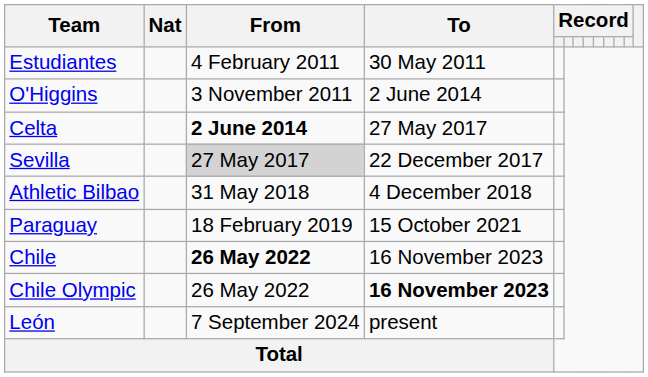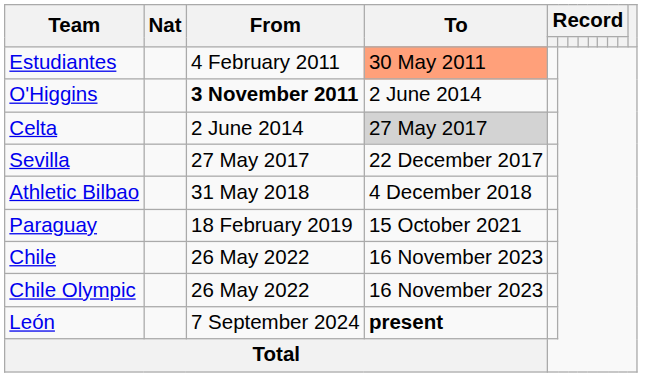 <table class="wikitable" style="text-align: center">
 <tr>
 <th rowspan="2">Team</th>
 <th rowspan="2">Nat</th>
 <th rowspan="2">From</th>
 <th rowspan="2">To</th>
 <th colspan="8">Record</th>
 <th rowspan=2></th>
 </tr>
 <tr>
 <th></th>
 <th></th>
 <th></th>
 <th></th>
 <th></th>
 <th></th>
 <th></th>
 <th></th>
 </tr>
 <tr>
 <td align=left><a href='#'>Estudiantes</a></td>
 <td></td>
 <td align=left>4 February 2011</td>
-<td align=left>30 May 2011<br></td>
+<td align=left style="background: lightsalmon;">30 May 2011<br></td>
 <td></td>
 </tr>
 <tr>
 <td align=left><a href='#'>O'Higgins</a></td>
 <td></td>
-<td align=left>3 November 2011</td>
+<td align=left><strong>3 November 2011</strong></td>
 <td align=left>2 June 2014<br></td>
 <td></td>
 </tr>
 <tr>
 <td align=left><a href='#'>Celta</a></td>
 <td></td>
-<td align=left><strong>2 June 2014</strong></td>
-<td align=left>27 May 2017<br></td>
+<td align=left>2 June 2014</td>
+<td align=left style="background: lightgrey;">27 May 2017<br></td>
 <td></td>
 </tr>
 <tr>
 <td align=left><a href='#'>Sevilla</a></td>
 <td></td>
-<td align=left style="background: lightgrey;">27 May 2017</td>
+<td align=left>27 May 2017</td>
 <td align=left>22 December 2017<br></td>
 <td></td>
 </tr>
 <tr>
 <td align=left><a href='#'>Athletic Bilbao</a></td>
 <td></td>
 <td align=left>31 May 2018</td>
 <td align=left>4 December 2018<br></td>
 <td></td>
 </tr>
 <tr>
 <td align=left><a href='#'>Paraguay</a></td>
 <td></td>
 <td align=left>18 February 2019</td>
 <td align=left>15 October 2021<br></td>
 <td></td>
 </tr>
 <tr>
 <td align=left><a href='#'>Chile</a></td>
 <td></td>
-<td align=left><strong>26 May 2022</strong></td>
+<td align=left>26 May 2022</td>
 <td align=left>16 November 2023<br></td>
 <td></td>
 </tr>
 <tr>
 <td align=left><a href='#'>Chile Olympic</a></td>
 <td></td>
 <td align=left>26 May 2022</td>
-<td align=left><strong>16 November 2023<br></strong></td>
+<td align=left>16 November 2023<br></td>
 <td></td>
 </tr>
 <tr>
 <td align=left><a href='#'>León</a></td>
 <td></td>
 <td align=left>7 September 2024</td>
-<td align=left>present<br></td>
+<td align=left><strong>present<br></strong></td>
 <td></td>
 </tr>
 <tr>
 <th colspan="4">Total<br></th>
 </tr>
 </table>
